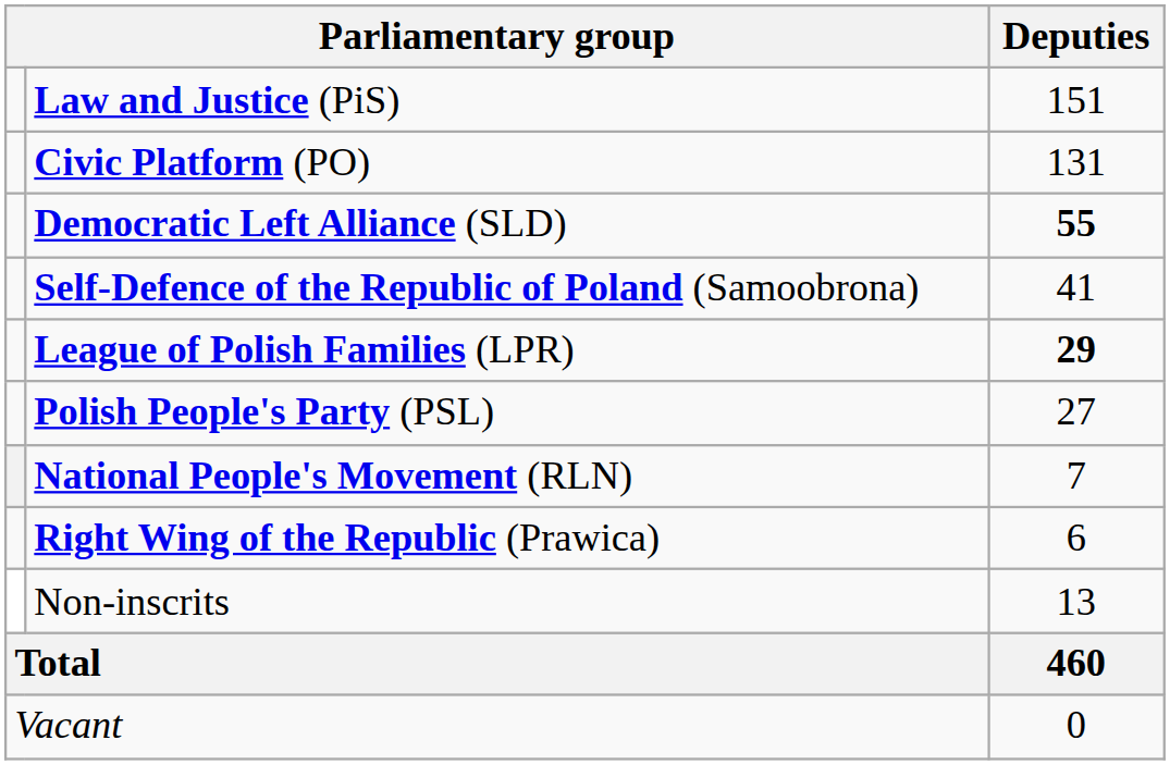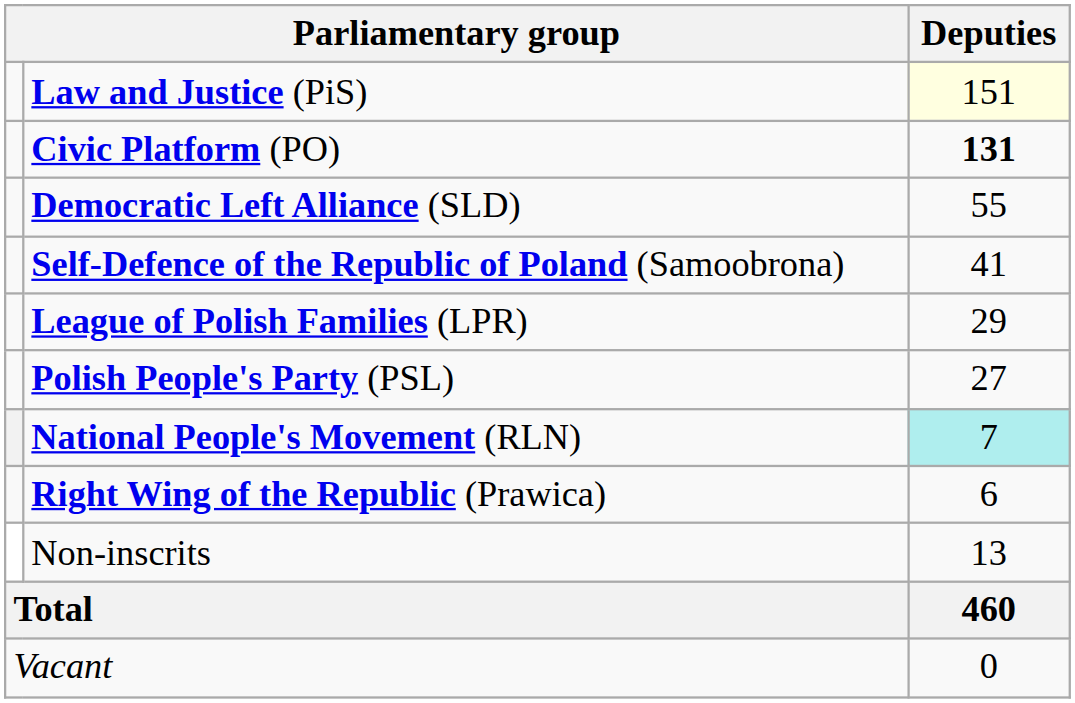 <table class="wikitable" style="text-align: center" width=470px>
 <tr>
 <th colspan="2">Parliamentary group</th>
 <th colspan="3">Deputies</th>
 </tr>
 <tr>
 <td></td>
 <td style="text-align:left;"><strong><a href='#'>Law and Justice</a></strong> (PiS)<br></td>
-<td>151</td>
+<td style="background: lightyellow;">151</td>
 </tr>
 <tr>
 <td></td>
 <td style="text-align:left;"><strong><a href='#'>Civic Platform</a></strong> (PO)<br></td>
-<td>131</td>
+<td><strong>131</strong></td>
 </tr>
 <tr>
 <td></td>
 <td style="text-align:left;"><strong><a href='#'>Democratic Left Alliance</a></strong> (SLD)<br></td>
-<td><strong>55</strong></td>
+<td>55</td>
 </tr>
 <tr>
 <td></td>
 <td style="text-align:left;"><strong><a href='#'>Self-Defence of the Republic of Poland</a></strong> (Samoobrona)<br></td>
 <td>41</td>
 </tr>
 <tr>
 <td></td>
 <td style="text-align:left;"><strong><a href='#'>League of Polish Families</a></strong> (LPR)<br></td>
-<td><strong>29</strong></td>
+<td>29</td>
 </tr>
 <tr>
 <td></td>
 <td style="text-align:left;"><strong><a href='#'>Polish People's Party</a></strong> (PSL)<br></td>
 <td>27</td>
 </tr>
 <tr>
 <th></th>
 <td style="text-align:left;"><strong><a href='#'>National People's Movement</a></strong> (RLN)<br></td>
-<td>7</td>
+<td style="background: paleturquoise;">7</td>
 </tr>
 <tr>
 <td></td>
 <td style="text-align:left;"><strong><a href='#'>Right Wing of the Republic</a></strong> (Prawica)<br></td>
 <td>6</td>
 </tr>
 <tr>
 <td style="background:white;"></td>
 <td style="text-align:left;">Non-inscrits</td>
 <td>13</td>
 </tr>
 <tr>
 <th colspan="2" style="text-align:left;">Total</th>
 <th>460</th>
 </tr>
 <tr>
 <td colspan="2" style="text-align:left;"><em>Vacant</em></td>
 <td>0</td>
 </tr>
 </table>
